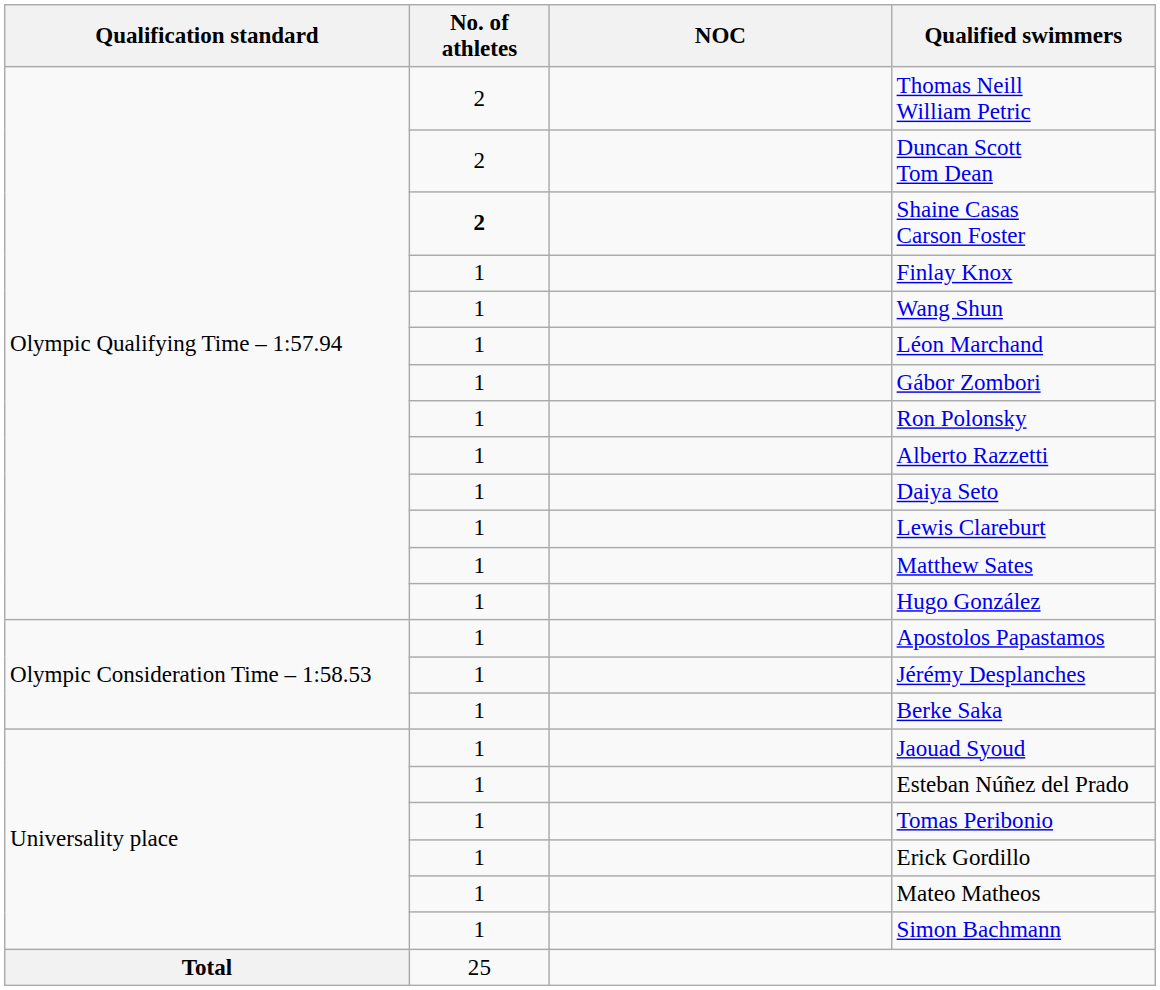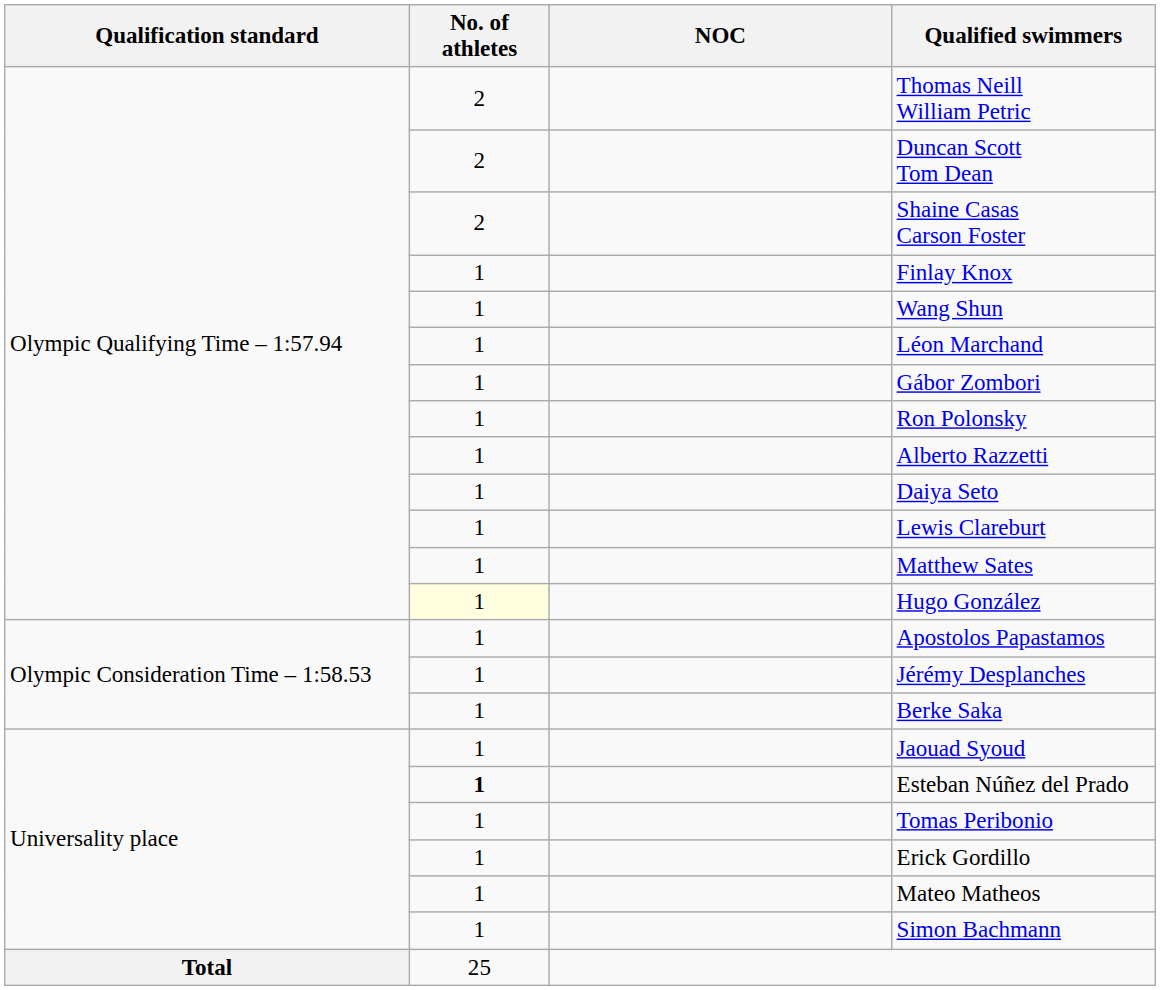 <table class=wikitable style="text-align:left" width=800>
 <tr>
 <th scope="col">Qualification standard</th>
 <th scope="col" width =90>No. of athletes</th>
 <th scope="col" width =230>NOC</th>
 <th scope="col">Qualified swimmers</th>
 </tr>
 <tr>
 <td rowspan=13>Olympic Qualifying Time – 1:57.94</td>
 <td align=center>2</td>
 <td></td>
 <td><a href='#'>Thomas Neill</a><br><a href='#'>William Petric</a></td>
 </tr>
 <tr>
 <td align=center>2</td>
 <td></td>
 <td><a href='#'>Duncan Scott</a><br><a href='#'>Tom Dean</a></td>
 </tr>
 <tr>
-<td align=center><strong>2</strong></td>
+<td align=center>2</td>
 <td></td>
 <td><a href='#'>Shaine Casas</a><br><a href='#'>Carson Foster</a></td>
 </tr>
 <tr>
 <td align=center>1</td>
 <td></td>
 <td><a href='#'>Finlay Knox</a></td>
 </tr>
 <tr>
 <td align=center>1</td>
 <td></td>
 <td><a href='#'>Wang Shun</a></td>
 </tr>
 <tr>
 <td align=center>1</td>
 <td></td>
 <td><a href='#'>Léon Marchand</a></td>
 </tr>
 <tr>
 <td align=center>1</td>
 <td></td>
 <td><a href='#'>Gábor Zombori</a></td>
 </tr>
 <tr>
 <td align=center>1</td>
 <td></td>
 <td><a href='#'>Ron Polonsky</a></td>
 </tr>
 <tr>
 <td align=center>1</td>
 <td></td>
 <td><a href='#'>Alberto Razzetti</a></td>
 </tr>
 <tr>
 <td align=center>1</td>
 <td></td>
 <td><a href='#'>Daiya Seto</a></td>
 </tr>
 <tr>
 <td align=center>1</td>
 <td></td>
 <td><a href='#'>Lewis Clareburt</a></td>
 </tr>
 <tr>
 <td align=center>1</td>
 <td></td>
 <td><a href='#'>Matthew Sates</a></td>
 </tr>
 <tr>
-<td align=center>1</td>
+<td align=center style="background: lightyellow;">1</td>
 <td></td>
 <td><a href='#'>Hugo González</a></td>
 </tr>
 <tr>
 <td rowspan=3>Olympic Consideration Time – 1:58.53</td>
 <td align=center>1</td>
 <td></td>
 <td><a href='#'>Apostolos Papastamos</a></td>
 </tr>
 <tr>
 <td align=center>1</td>
 <td></td>
 <td><a href='#'>Jérémy Desplanches</a></td>
 </tr>
 <tr>
 <td align=center>1</td>
 <td></td>
 <td><a href='#'>Berke Saka</a></td>
 </tr>
 <tr>
 <td rowspan=6>Universality place</td>
 <td align=center>1</td>
 <td></td>
 <td><a href='#'>Jaouad Syoud</a></td>
 </tr>
 <tr>
-<td align=center>1</td>
+<td align=center><strong>1</strong></td>
 <td></td>
 <td>Esteban Núñez del Prado</td>
 </tr>
 <tr>
 <td align=center>1</td>
 <td></td>
 <td><a href='#'>Tomas Peribonio</a></td>
 </tr>
 <tr>
 <td align=center>1</td>
 <td></td>
 <td>Erick Gordillo</td>
 </tr>
 <tr>
 <td align=center>1</td>
 <td></td>
 <td>Mateo Matheos</td>
 </tr>
 <tr>
 <td align=center>1</td>
 <td></td>
 <td><a href='#'>Simon Bachmann</a></td>
 </tr>
 <tr>
 <th scope="row">Total</th>
 <td align=center>25</td>
 <td colspan=2></td>
 </tr>
 </table>
